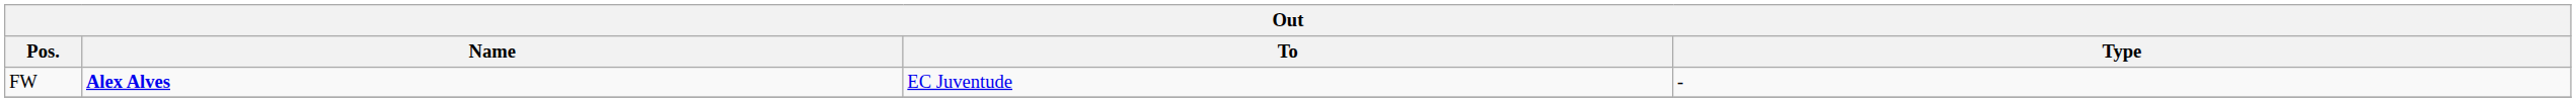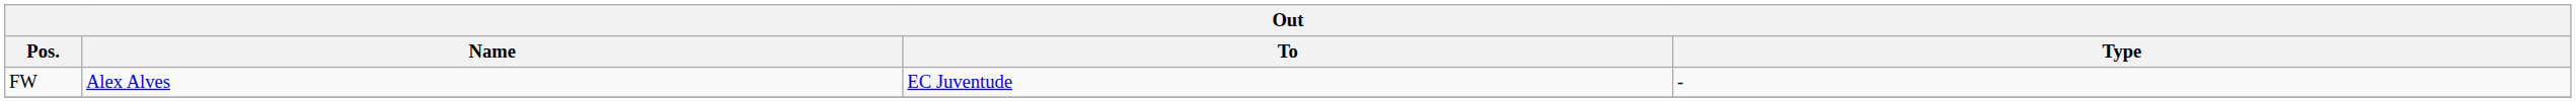 <table class="wikitable" style="font-size:90%;width:99%;">
 <tr>
 <th colspan="4">Out</th>
 </tr>
 <tr>
 <th width=3%>Pos.</th>
 <th width=32%>Name</th>
 <th width=30%>To</th>
 <th width=35%>Type</th>
 </tr>
 <tr>
 <td>FW</td>
-<td><strong><a href='#'>Alex Alves</a></strong></td>
+<td><a href='#'>Alex Alves</a></td>
 <td><a href='#'>EC Juventude</a></td>
 <td>-</td>
 </tr>
 <tr>
 </tr>
 </table>
